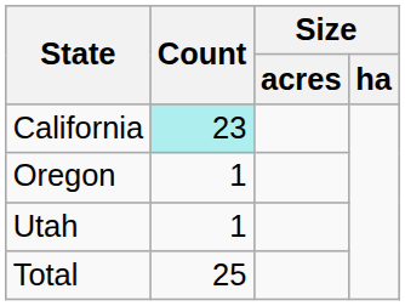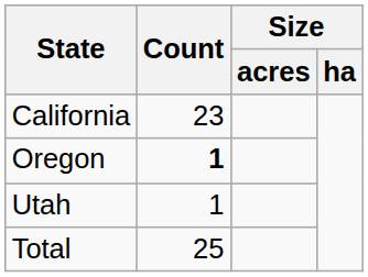 <table class="wikitable sortable">
 <tr>
 <th style="width:*;" rowspan=2><strong>State</strong></th>
 <th style="width:*;" rowspan=2><strong>Count</strong></th>
 <th style="width:*;" colspan=2><strong>Size</strong></th>
 </tr>
 <tr>
 <th>acres</th>
 <th>ha</th>
 </tr>
 <tr>
 <td>California</td>
-<td align=right style="background: paleturquoise;">23</td>
+<td align=right>23</td>
 <td></td>
 </tr>
 <tr>
 <td>Oregon</td>
-<td align=right>1</td>
+<td align=right><strong>1</strong></td>
 <td></td>
 </tr>
 <tr>
 <td>Utah</td>
 <td align=right>1</td>
 <td></td>
 </tr>
 <tr>
 <td>Total</td>
 <td align=right>25</td>
 <td></td>
 </tr>
 </table>
